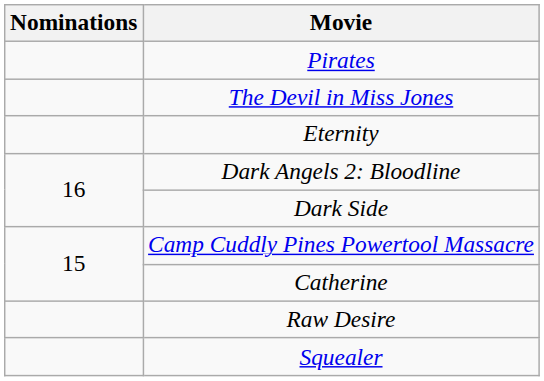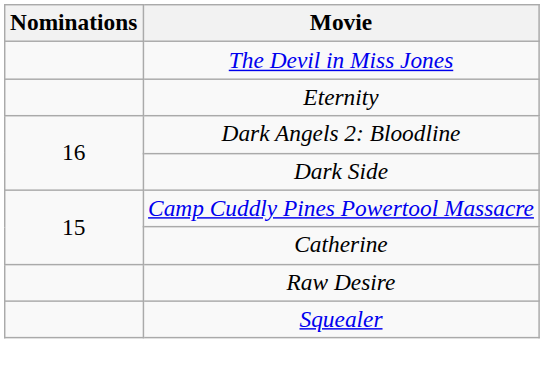 <table class="wikitable" style="text-align: center">
 <tr>
 <th scope="col" width="55">Nominations</th>
 <th scope="col" align="center">Movie</th>
-</tr>
-<tr>
-<td></td>
-<td><em><a href='#'>Pirates</a></em></td>
 </tr>
 <tr>
 <td></td>
 <td><em><a href='#'>The Devil in Miss Jones</a></em></td>
 </tr>
 <tr>
 <td></td>
 <td><em>Eternity</em></td>
 </tr>
 <tr>
 <td rowspan=2 style="text-align:center">16</td>
 <td><em>Dark Angels 2: Bloodline</em></td>
 </tr>
 <tr>
 <td><em>Dark Side</em></td>
 </tr>
 <tr>
 <td rowspan=2 style="text-align:center">15</td>
 <td><em><a href='#'>Camp Cuddly Pines Powertool Massacre</a></em></td>
 </tr>
 <tr>
 <td><em>Catherine</em></td>
 </tr>
 <tr>
 <td></td>
 <td><em>Raw Desire</em></td>
 </tr>
 <tr>
 <td></td>
 <td><em><a href='#'>Squealer</a></em></td>
 </tr>
 </table>
